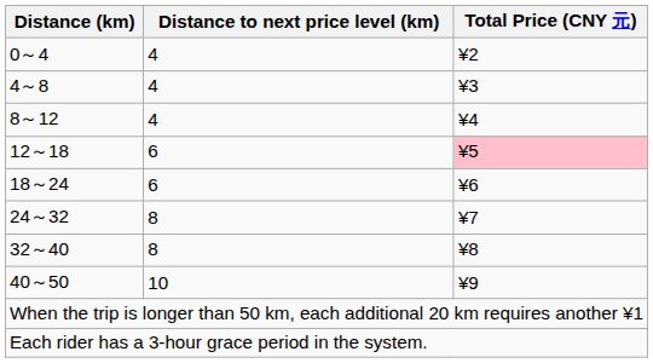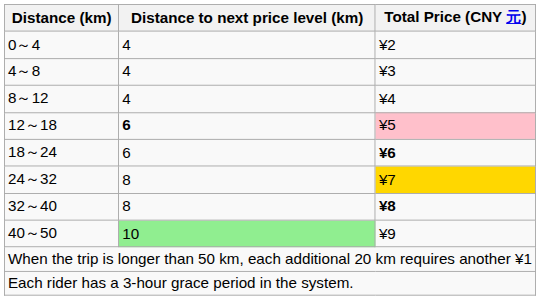 <table class="wikitable">
 <tr>
 <th>Distance (km)</th>
 <th>Distance to next price level (km)</th>
 <th>Total Price (CNY <a href='#'>元</a>)</th>
 </tr>
 <tr>
 <td>0～4</td>
 <td>4</td>
 <td>¥2</td>
 </tr>
 <tr>
 <td>4～8</td>
 <td>4</td>
 <td>¥3</td>
 </tr>
 <tr>
 <td>8～12</td>
 <td>4</td>
 <td>¥4</td>
 </tr>
 <tr>
 <td>12～18</td>
-<td>6</td>
+<td><strong>6</strong></td>
 <td style="background: pink;">¥5</td>
 </tr>
 <tr>
 <td>18～24</td>
 <td>6</td>
-<td>¥6</td>
+<td><strong>¥6</strong></td>
 </tr>
 <tr>
 <td>24～32</td>
 <td>8</td>
-<td>¥7</td>
+<td style="background: gold;">¥7</td>
 </tr>
 <tr>
 <td>32～40</td>
 <td>8</td>
-<td>¥8</td>
+<td><strong>¥8</strong></td>
 </tr>
 <tr>
 <td>40～50</td>
-<td>10</td>
+<td style="background: lightgreen;">10</td>
 <td>¥9</td>
 </tr>
 <tr>
 <td colspan="3">When the trip is longer than 50 km, each additional 20 km requires another ¥1</td>
 </tr>
 <tr>
 <td colspan="3">Each rider has a 3-hour grace period in the system.</td>
 </tr>
 </table>
